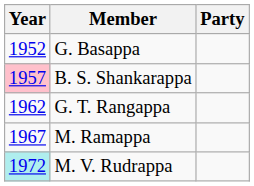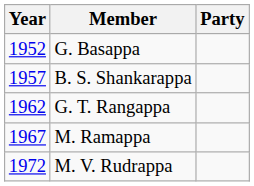 <table class="wikitable">
 <tr>
 <th>Year</th>
 <th>Member</th>
 <th colspan="2">Party</th>
 </tr>
 <tr>
 <td><a href='#'>1952</a></td>
 <td>G. Basappa</td>
 <td></td>
 </tr>
 <tr>
-<td style="background: pink;"><a href='#'>1957</a></td>
+<td><a href='#'>1957</a></td>
 <td>B. S. Shankarappa</td>
 <td></td>
 </tr>
 <tr>
 <td><a href='#'>1962</a></td>
 <td>G. T. Rangappa</td>
 <td></td>
 </tr>
 <tr>
 <td><a href='#'>1967</a></td>
 <td>M. Ramappa</td>
 <td></td>
 </tr>
 <tr>
-<td style="background: paleturquoise;"><a href='#'>1972</a></td>
+<td><a href='#'>1972</a></td>
 <td>M. V. Rudrappa</td>
 </tr>
 </table>
